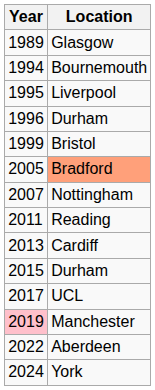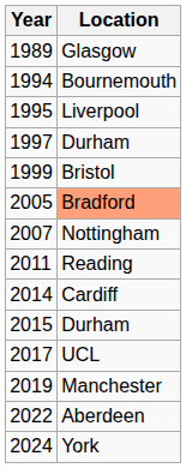 <table class="wikitable">
 <tr>
 <th>Year</th>
 <th>Location</th>
 </tr>
 <tr>
 <td>1989</td>
 <td>Glasgow</td>
 </tr>
 <tr>
 <td>1994</td>
 <td>Bournemouth</td>
 </tr>
 <tr>
 <td>1995</td>
 <td>Liverpool</td>
 </tr>
 <tr>
-<td>1996</td>
+<td>1997</td>
 <td>Durham</td>
 </tr>
 <tr>
 <td>1999</td>
 <td>Bristol</td>
 </tr>
 <tr>
 <td>2005</td>
 <td style="background: lightsalmon;">Bradford</td>
 </tr>
 <tr>
 <td>2007</td>
 <td>Nottingham</td>
 </tr>
 <tr>
 <td>2011</td>
 <td>Reading</td>
 </tr>
 <tr>
-<td>2013</td>
+<td>2014</td>
 <td>Cardiff</td>
 </tr>
 <tr>
 <td>2015</td>
 <td>Durham</td>
 </tr>
 <tr>
 <td>2017</td>
 <td>UCL</td>
 </tr>
 <tr>
-<td style="background: pink;">2019</td>
+<td>2019</td>
 <td>Manchester</td>
 </tr>
 <tr>
 <td>2022</td>
 <td>Aberdeen</td>
 </tr>
 <tr>
 <td>2024</td>
 <td>York</td>
 </tr>
 </table>
